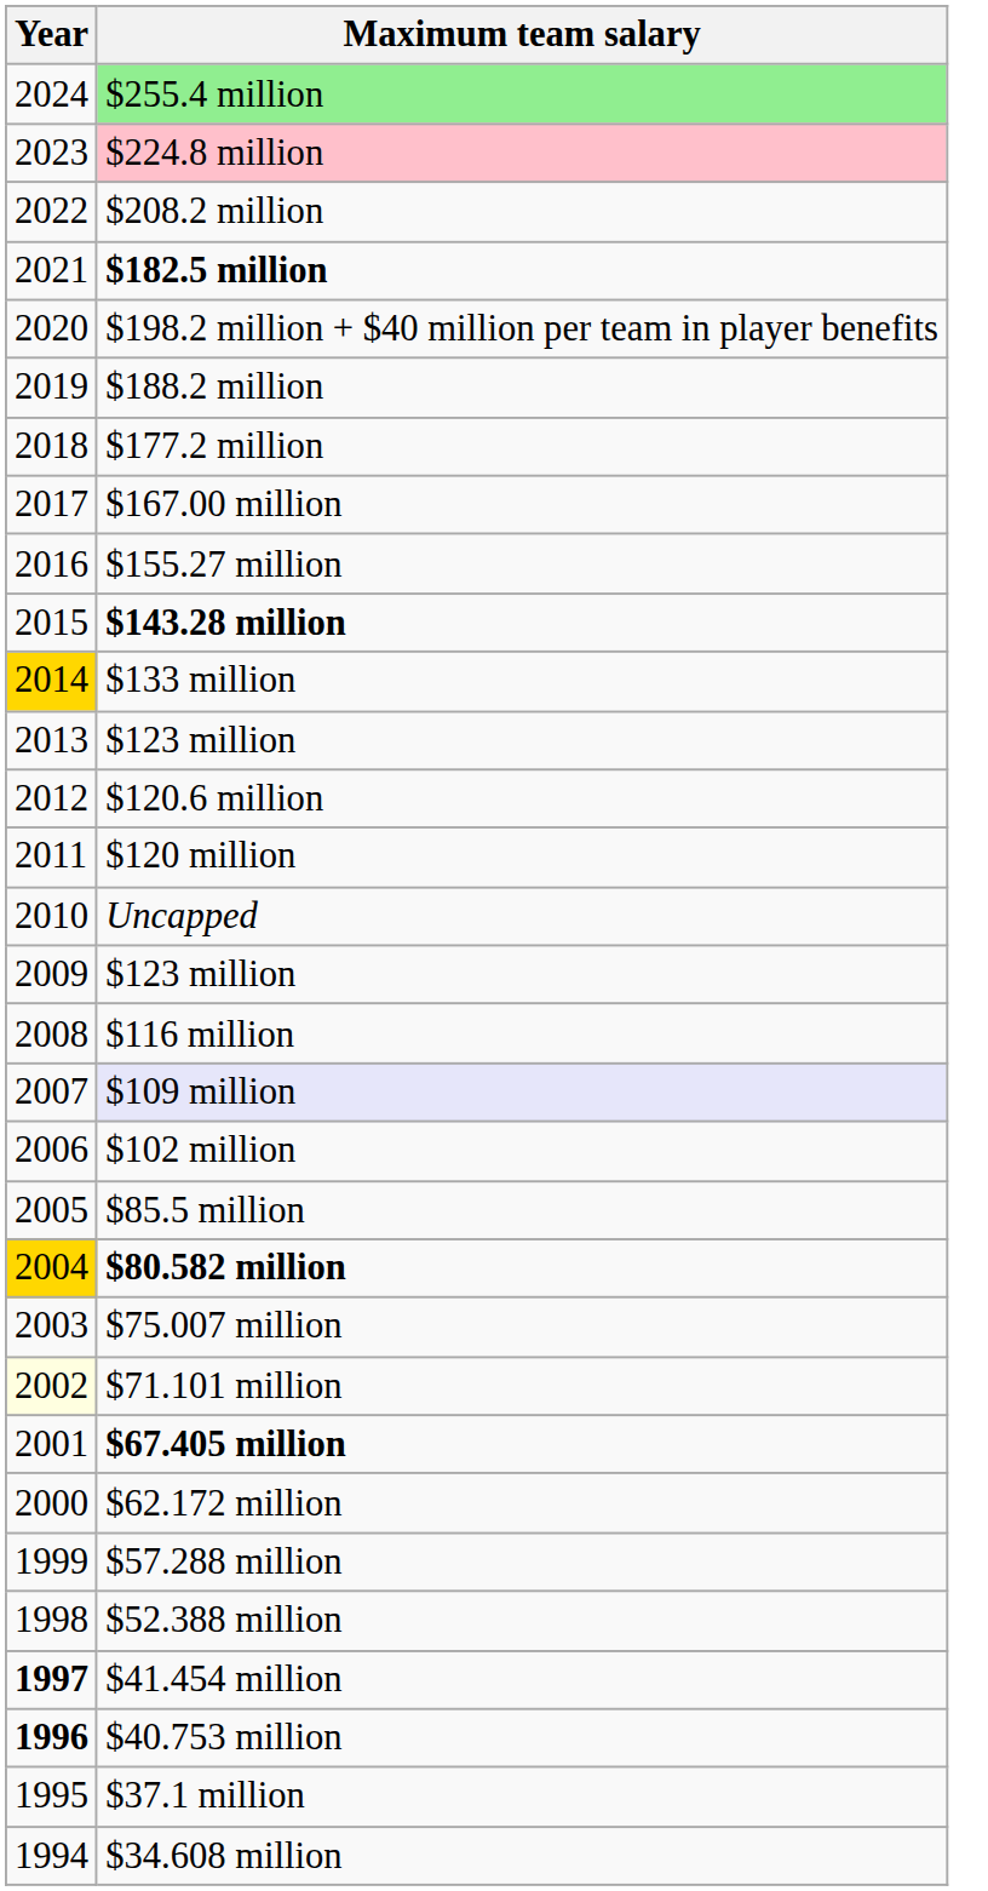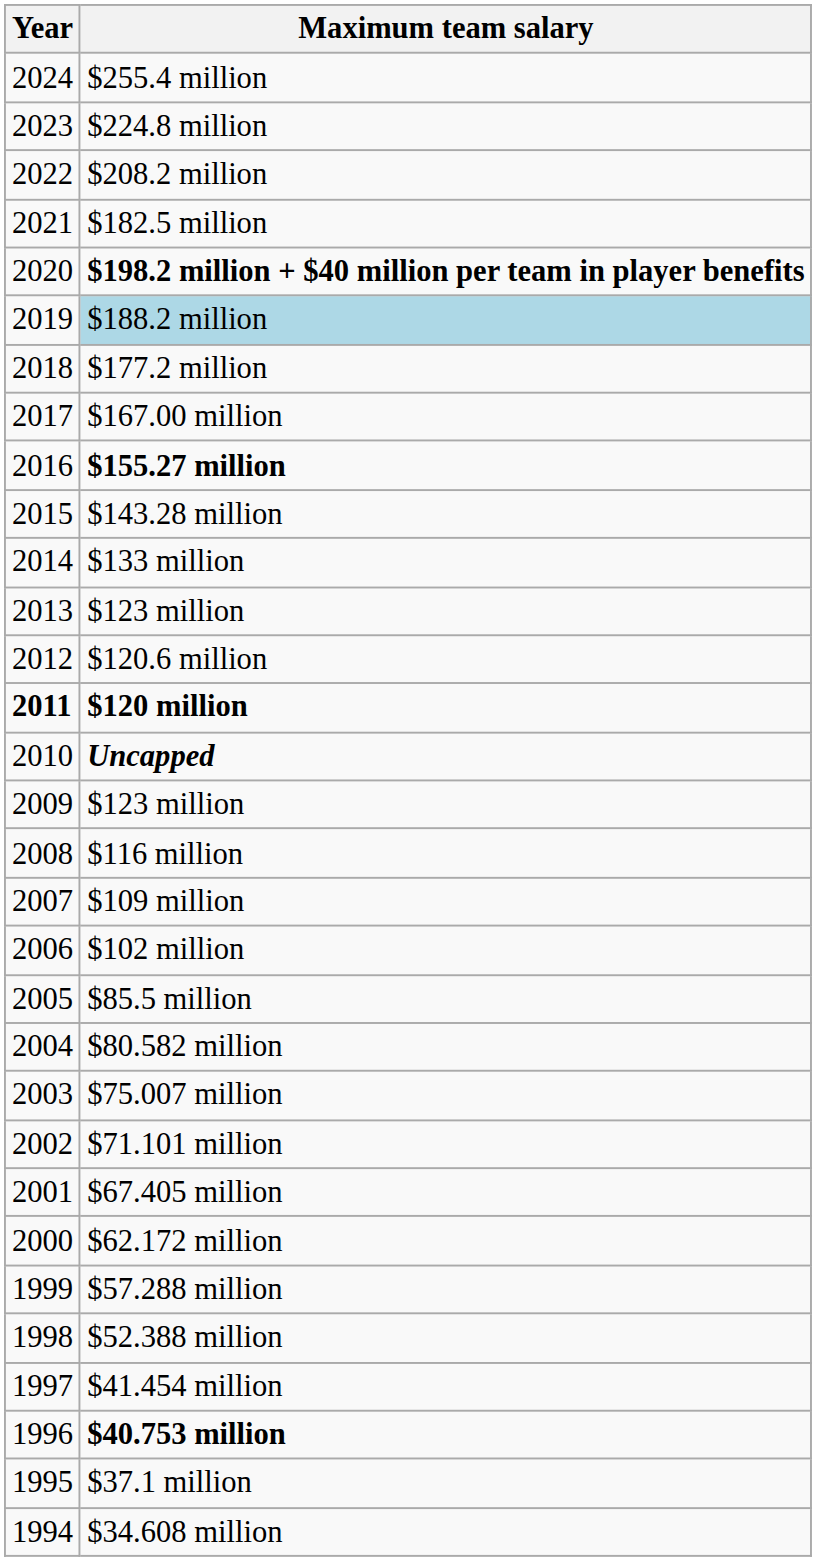 <table class="wikitable">
 <tr>
 <th>Year</th>
 <th>Maximum team salary</th>
 </tr>
 <tr>
 <td>2024</td>
-<td style="background: lightgreen;">$255.4 million</td>
+<td>$255.4 million</td>
 </tr>
 <tr>
 <td>2023</td>
-<td style="background: pink;">$224.8 million</td>
+<td>$224.8 million</td>
 </tr>
 <tr>
 <td>2022</td>
 <td>$208.2 million</td>
 </tr>
 <tr>
 <td>2021</td>
-<td><strong>$182.5 million</strong></td>
+<td>$182.5 million</td>
 </tr>
 <tr>
 <td>2020</td>
-<td>$198.2 million + $40 million per team in player benefits</td>
+<td><strong>$198.2 million + $40 million per team in player benefits</strong></td>
 </tr>
 <tr>
 <td>2019</td>
-<td>$188.2 million</td>
+<td style="background: lightblue;">$188.2 million</td>
 </tr>
 <tr>
 <td>2018</td>
 <td>$177.2 million</td>
 </tr>
 <tr>
 <td>2017</td>
 <td>$167.00 million</td>
 </tr>
 <tr>
 <td>2016</td>
-<td>$155.27 million</td>
+<td><strong>$155.27 million</strong></td>
 </tr>
 <tr>
 <td>2015</td>
-<td><strong>$143.28 million</strong></td>
+<td>$143.28 million</td>
 </tr>
 <tr>
-<td style="background: gold;">2014</td>
+<td>2014</td>
 <td>$133 million</td>
 </tr>
 <tr>
 <td>2013</td>
 <td>$123 million</td>
 </tr>
 <tr>
 <td>2012</td>
 <td>$120.6 million</td>
 </tr>
 <tr>
-<td>2011</td>
-<td>$120 million</td>
+<td><strong>2011</strong></td>
+<td><strong>$120 million</strong></td>
 </tr>
 <tr>
 <td>2010</td>
-<td><em>Uncapped</em></td>
+<td><strong><em>Uncapped</em></strong></td>
 </tr>
 <tr>
 <td>2009</td>
 <td>$123 million</td>
 </tr>
 <tr>
 <td>2008</td>
 <td>$116 million</td>
 </tr>
 <tr>
 <td>2007</td>
-<td style="background: lavender;">$109 million</td>
+<td>$109 million</td>
 </tr>
 <tr>
 <td>2006</td>
 <td>$102 million</td>
 </tr>
 <tr>
 <td>2005</td>
 <td>$85.5 million</td>
 </tr>
 <tr>
-<td style="background: gold;">2004</td>
-<td><strong>$80.582 million</strong></td>
+<td>2004</td>
+<td>$80.582 million</td>
 </tr>
 <tr>
 <td>2003</td>
 <td>$75.007 million</td>
 </tr>
 <tr>
-<td style="background: lightyellow;">2002</td>
+<td>2002</td>
 <td>$71.101 million</td>
 </tr>
 <tr>
 <td>2001</td>
-<td><strong>$67.405 million</strong></td>
+<td>$67.405 million</td>
 </tr>
 <tr>
 <td>2000</td>
 <td>$62.172 million</td>
 </tr>
 <tr>
 <td>1999</td>
 <td>$57.288 million</td>
 </tr>
 <tr>
 <td>1998</td>
 <td>$52.388 million</td>
 </tr>
 <tr>
-<td><strong>1997</strong></td>
+<td>1997</td>
 <td>$41.454 million</td>
 </tr>
 <tr>
-<td><strong>1996</strong></td>
-<td>$40.753 million</td>
+<td>1996</td>
+<td><strong>$40.753 million</strong></td>
 </tr>
 <tr>
 <td>1995</td>
 <td>$37.1 million</td>
 </tr>
 <tr>
 <td>1994</td>
 <td>$34.608 million</td>
 </tr>
 </table>
